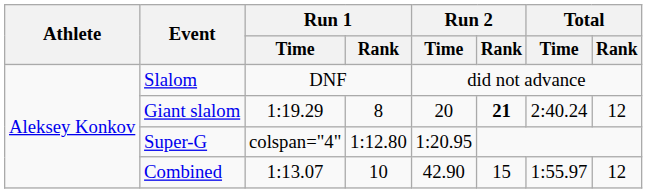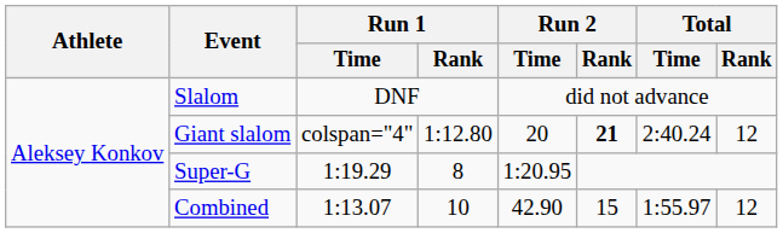 <table class="wikitable" style="font-size:90%">
 <tr>
 <th rowspan=2>Athlete</th>
 <th rowspan=2>Event</th>
 <th colspan=2>Run 1</th>
 <th colspan=2>Run 2</th>
 <th colspan=2>Total</th>
 </tr>
 <tr style="font-size:95%">
 <th>Time</th>
 <th>Rank</th>
 <th>Time</th>
 <th>Rank</th>
 <th>Time</th>
 <th>Rank</th>
 </tr>
 <tr align=center>
 <td align="left" rowspan="4"><a href='#'>Aleksey Konkov</a></td>
 <td align="left"><a href='#'>Slalom</a></td>
 <td colspan=2>DNF</td>
 <td colspan=4>did not advance</td>
 </tr>
 <tr align=center>
 <td align="left"><a href='#'>Giant slalom</a></td>
-<td>1:19.29</td>
-<td>8</td>
+<td>colspan="4" </td>
+<td>1:12.80</td>
 <td>20</td>
 <td><strong>21</strong></td>
 <td>2:40.24</td>
 <td>12</td>
 </tr>
 <tr align=center>
 <td align="left"><a href='#'>Super-G</a></td>
-<td>colspan="4" </td>
-<td>1:12.80</td>
+<td>1:19.29</td>
+<td>8</td>
 <td>1:20.95</td>
 </tr>
 <tr align=center>
 <td align="left"><a href='#'>Combined</a></td>
 <td>1:13.07</td>
 <td>10</td>
 <td>42.90</td>
 <td>15</td>
 <td>1:55.97</td>
 <td>12</td>
 </tr>
 </table>
